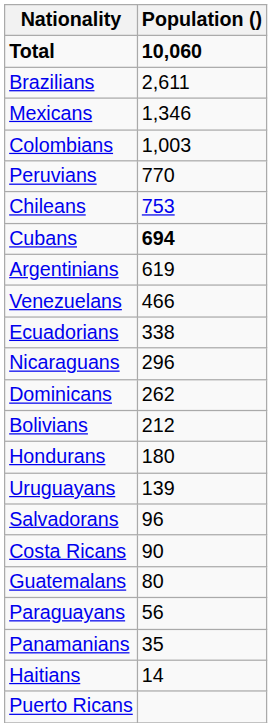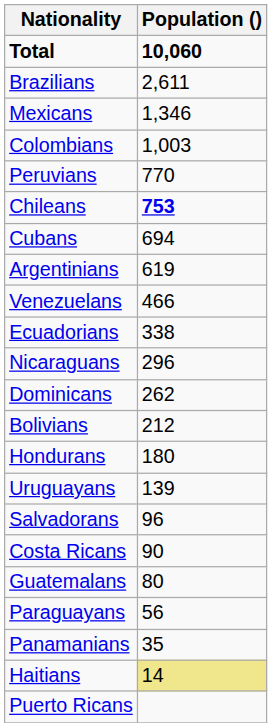 <table class="wikitable sortable">
 <tr>
 <th>Nationality</th>
 <th>Population ()</th>
 </tr>
 <tr>
 <td><strong>Total</strong></td>
 <td><strong>10,060</strong></td>
 </tr>
 <tr>
 <td> <a href='#'>Brazilians</a></td>
 <td>2,611</td>
 </tr>
 <tr>
 <td> <a href='#'>Mexicans</a></td>
 <td>1,346</td>
 </tr>
 <tr>
 <td> <a href='#'>Colombians</a></td>
 <td>1,003</td>
 </tr>
 <tr>
 <td> <a href='#'>Peruvians</a></td>
 <td>770</td>
 </tr>
 <tr>
 <td> <a href='#'>Chileans</a></td>
-<td><a href='#'>753</a></td>
+<td><strong><a href='#'>753</a></strong></td>
 </tr>
 <tr>
 <td> <a href='#'>Cubans</a></td>
-<td><strong>694</strong></td>
+<td>694</td>
 </tr>
 <tr>
 <td> <a href='#'>Argentinians</a></td>
 <td>619</td>
 </tr>
 <tr>
 <td> <a href='#'>Venezuelans</a></td>
 <td>466</td>
 </tr>
 <tr>
 <td> <a href='#'>Ecuadorians</a></td>
 <td>338</td>
 </tr>
 <tr>
 <td> <a href='#'>Nicaraguans</a></td>
 <td>296</td>
 </tr>
 <tr>
 <td> <a href='#'>Dominicans</a></td>
 <td>262</td>
 </tr>
 <tr>
 <td> <a href='#'>Bolivians</a></td>
 <td>212</td>
 </tr>
 <tr>
 <td> <a href='#'>Hondurans</a></td>
 <td>180</td>
 </tr>
 <tr>
 <td> <a href='#'>Uruguayans</a></td>
 <td>139</td>
 </tr>
 <tr>
 <td> <a href='#'>Salvadorans</a></td>
 <td>96</td>
 </tr>
 <tr>
 <td> <a href='#'>Costa Ricans</a></td>
 <td>90</td>
 </tr>
 <tr>
 <td> <a href='#'>Guatemalans</a></td>
 <td>80</td>
 </tr>
 <tr>
 <td> <a href='#'>Paraguayans</a></td>
 <td>56</td>
 </tr>
 <tr>
 <td> <a href='#'>Panamanians</a></td>
 <td>35</td>
 </tr>
 <tr>
 <td> <a href='#'>Haitians</a></td>
-<td>14</td>
+<td style="background: khaki;">14</td>
 </tr>
 <tr>
 <td> <a href='#'>Puerto Ricans</a></td>
 <td></td>
 </tr>
 </table>
